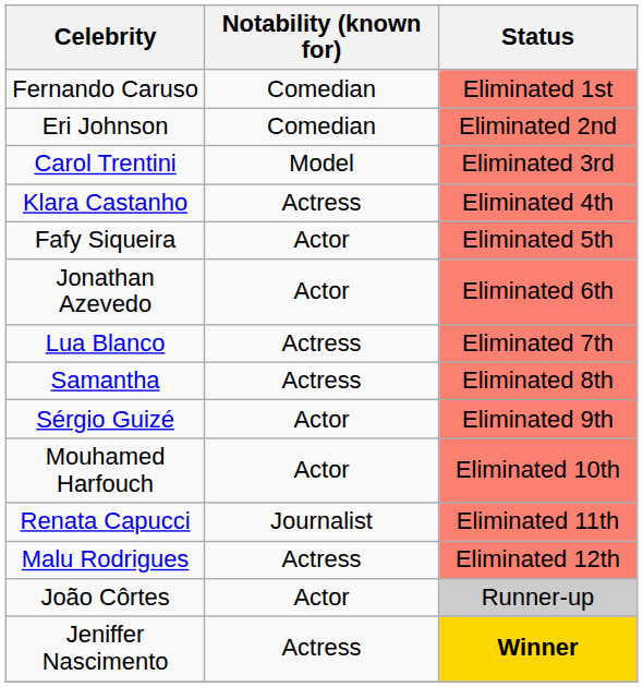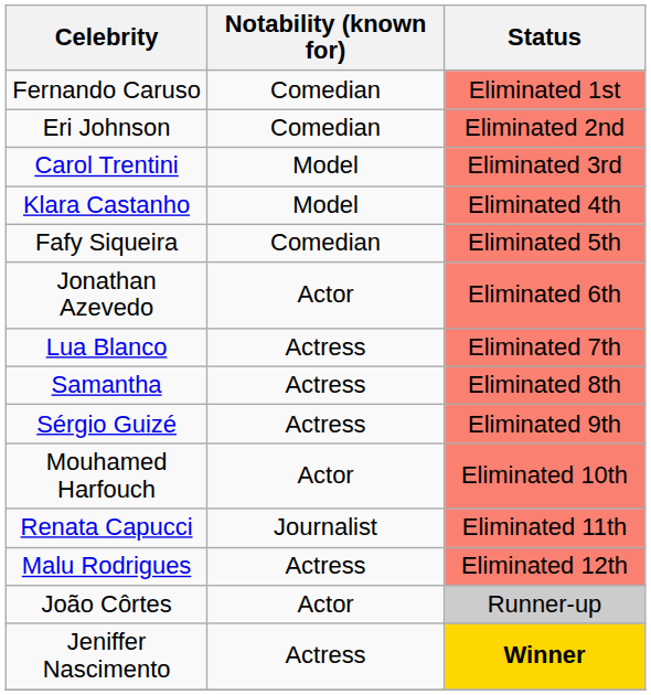 <table class= "wikitable sortable" style="text-align: center; margin:auto; align: center">
 <tr>
 <th width=125>Celebrity</th>
 <th width=150>Notability (known for)</th>
 <th width=125>Status</th>
 </tr>
 <tr>
 <td>Fernando Caruso</td>
 <td>Comedian</td>
 <td bgcolor=FA8072>Eliminated 1st<br></td>
 </tr>
 <tr>
 <td>Eri Johnson</td>
 <td>Comedian</td>
 <td bgcolor=FA8072>Eliminated 2nd<br></td>
 </tr>
 <tr>
 <td><a href='#'>Carol Trentini</a></td>
 <td>Model</td>
 <td bgcolor=FA8072>Eliminated 3rd<br></td>
 </tr>
 <tr>
 <td><a href='#'>Klara Castanho</a></td>
-<td>Actress</td>
+<td>Model</td>
 <td bgcolor=FA8072>Eliminated 4th<br></td>
 </tr>
 <tr>
 <td>Fafy Siqueira</td>
-<td>Actor</td>
+<td>Comedian</td>
 <td bgcolor=FA8072>Eliminated 5th<br></td>
 </tr>
 <tr>
 <td>Jonathan Azevedo</td>
 <td>Actor</td>
 <td bgcolor=FA8072>Eliminated 6th<br></td>
 </tr>
 <tr>
 <td><a href='#'>Lua Blanco</a></td>
 <td>Actress</td>
 <td bgcolor=FA8072>Eliminated 7th<br></td>
 </tr>
 <tr>
 <td><a href='#'>Samantha</a></td>
 <td>Actress</td>
 <td bgcolor=FA8072>Eliminated 8th<br></td>
 </tr>
 <tr>
 <td><a href='#'>Sérgio Guizé</a></td>
-<td>Actor</td>
+<td>Actress</td>
 <td bgcolor=FA8072>Eliminated 9th<br></td>
 </tr>
 <tr>
 <td>Mouhamed Harfouch</td>
 <td>Actor</td>
 <td bgcolor=FA8072>Eliminated 10th<br></td>
 </tr>
 <tr>
 <td><a href='#'>Renata Capucci</a></td>
 <td>Journalist</td>
 <td bgcolor=FA8072>Eliminated 11th<br></td>
 </tr>
 <tr>
 <td><a href='#'>Malu Rodrigues</a></td>
 <td>Actress</td>
 <td bgcolor=FA8072>Eliminated 12th<br></td>
 </tr>
 <tr>
 <td>João Côrtes</td>
 <td>Actor</td>
 <td bgcolor=CCCCCC>Runner-up<br></td>
 </tr>
 <tr>
 <td>Jeniffer Nascimento</td>
 <td>Actress</td>
 <td bgcolor=FFD700><strong>Winner</strong><br></td>
 </tr>
 <tr>
 </tr>
 </table>
